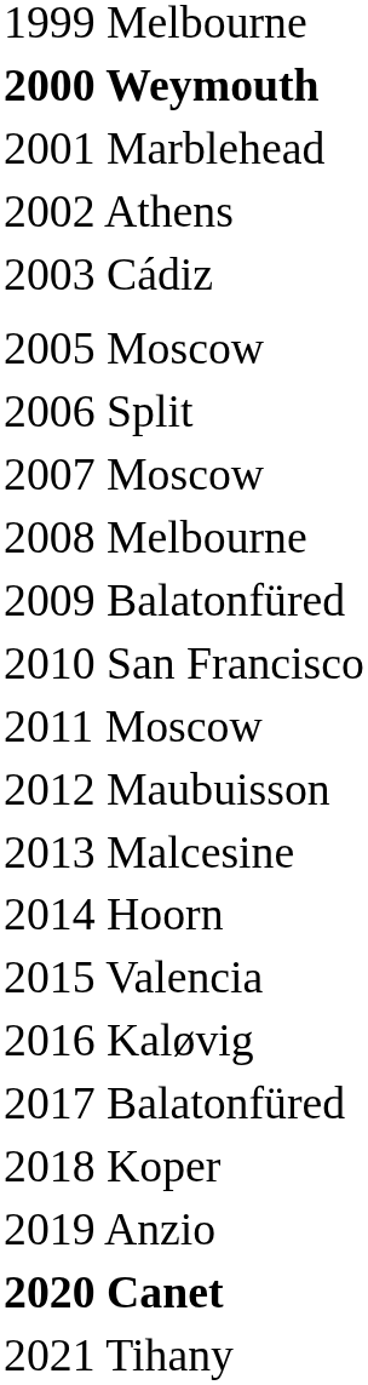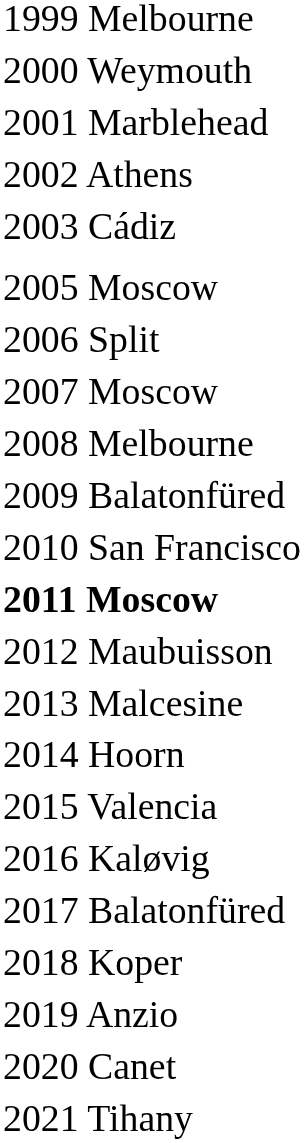 <table>
 <tr>
 <td>1999 Melbourne</td>
 <td></td>
 <td></td>
 <td></td>
 <td></td>
 </tr>
 <tr>
-<td><strong>2000 Weymouth</strong></td>
+<td>2000 Weymouth</td>
 <td></td>
 <td></td>
 <td></td>
 <td></td>
 </tr>
 <tr>
 <td>2001 Marblehead</td>
 <td></td>
 <td></td>
 <td></td>
 <td></td>
 </tr>
 <tr>
 <td>2002 Athens</td>
 <td></td>
 <td></td>
 <td></td>
 <td></td>
 </tr>
 <tr>
 <td>2003 Cádiz</td>
 <td></td>
 <td></td>
 <td></td>
 <td></td>
 </tr>
 <tr>
 <td></td>
 <td></td>
 <td></td>
 <td></td>
 <td></td>
 </tr>
 <tr>
 <td>2005 Moscow</td>
 <td></td>
 <td></td>
 <td></td>
 <td></td>
 </tr>
 <tr>
 <td>2006 Split</td>
 <td></td>
 <td></td>
 <td></td>
 <td></td>
 </tr>
 <tr>
 <td>2007 Moscow</td>
 <td></td>
 <td></td>
 <td></td>
 <td></td>
 </tr>
 <tr>
 <td>2008 Melbourne</td>
 <td></td>
 <td></td>
 <td></td>
 <td></td>
 </tr>
 <tr>
 <td>2009 Balatonfüred</td>
 <td></td>
 <td></td>
 <td></td>
 <td></td>
 </tr>
 <tr>
 <td>2010 San Francisco</td>
 <td></td>
 <td></td>
 <td></td>
 <td></td>
 </tr>
 <tr>
-<td>2011 Moscow</td>
+<td><strong>2011 Moscow</strong></td>
 <td></td>
 <td></td>
 <td></td>
 <td></td>
 </tr>
 <tr>
 <td>2012 Maubuisson</td>
 <td></td>
 <td></td>
 <td></td>
 <td></td>
 </tr>
 <tr>
 <td>2013 Malcesine</td>
 <td></td>
 <td></td>
 <td></td>
 <td></td>
 </tr>
 <tr>
 <td>2014 Hoorn</td>
 <td></td>
 <td></td>
 <td></td>
 <td></td>
 </tr>
 <tr>
 <td>2015 Valencia</td>
 <td></td>
 <td></td>
 <td></td>
 <td></td>
 </tr>
 <tr>
 <td>2016 Kaløvig</td>
 <td></td>
 <td></td>
 <td></td>
 <td></td>
 </tr>
 <tr>
 <td nowrap>2017 Balatonfüred</td>
 <td></td>
 <td></td>
 <td></td>
 <td></td>
 </tr>
 <tr>
 <td nowrap>2018 Koper</td>
 <td></td>
 <td></td>
 <td></td>
 <td></td>
 </tr>
 <tr>
 <td>2019 Anzio</td>
 <td></td>
 <td></td>
 <td></td>
 <td></td>
 </tr>
 <tr>
-<td><strong>2020 Canet</strong></td>
+<td>2020 Canet</td>
 <td></td>
 <td></td>
 <td></td>
 <td></td>
 </tr>
 <tr>
 <td>2021 Tihany</td>
 <td></td>
 <td></td>
 <td></td>
 <td></td>
 </tr>
 </table>
